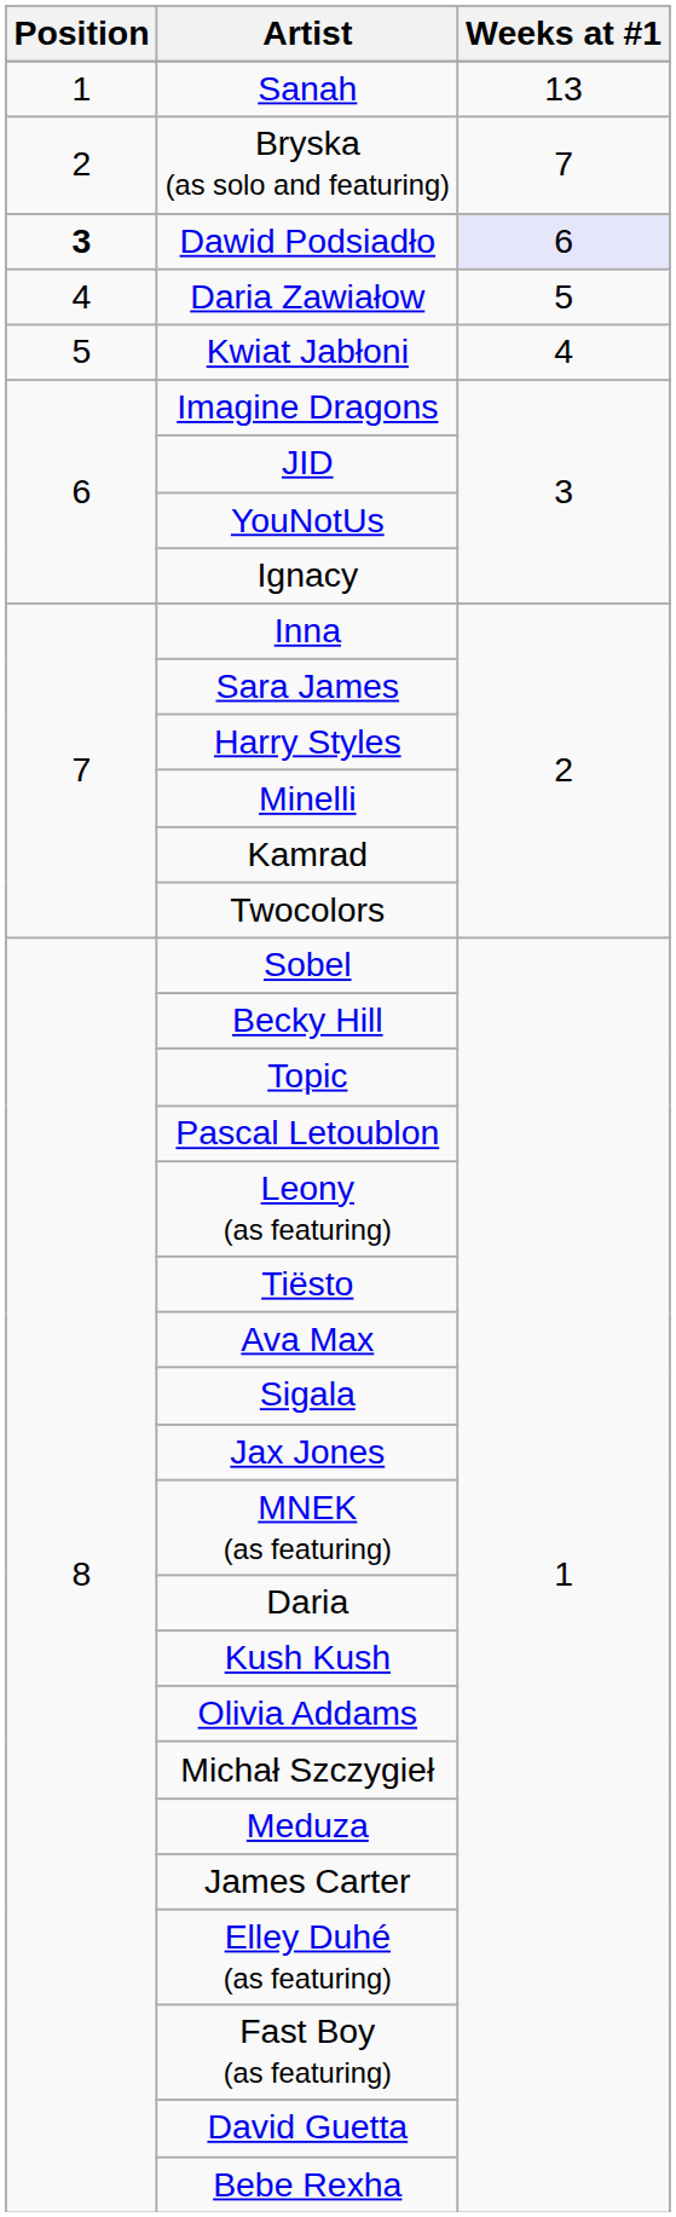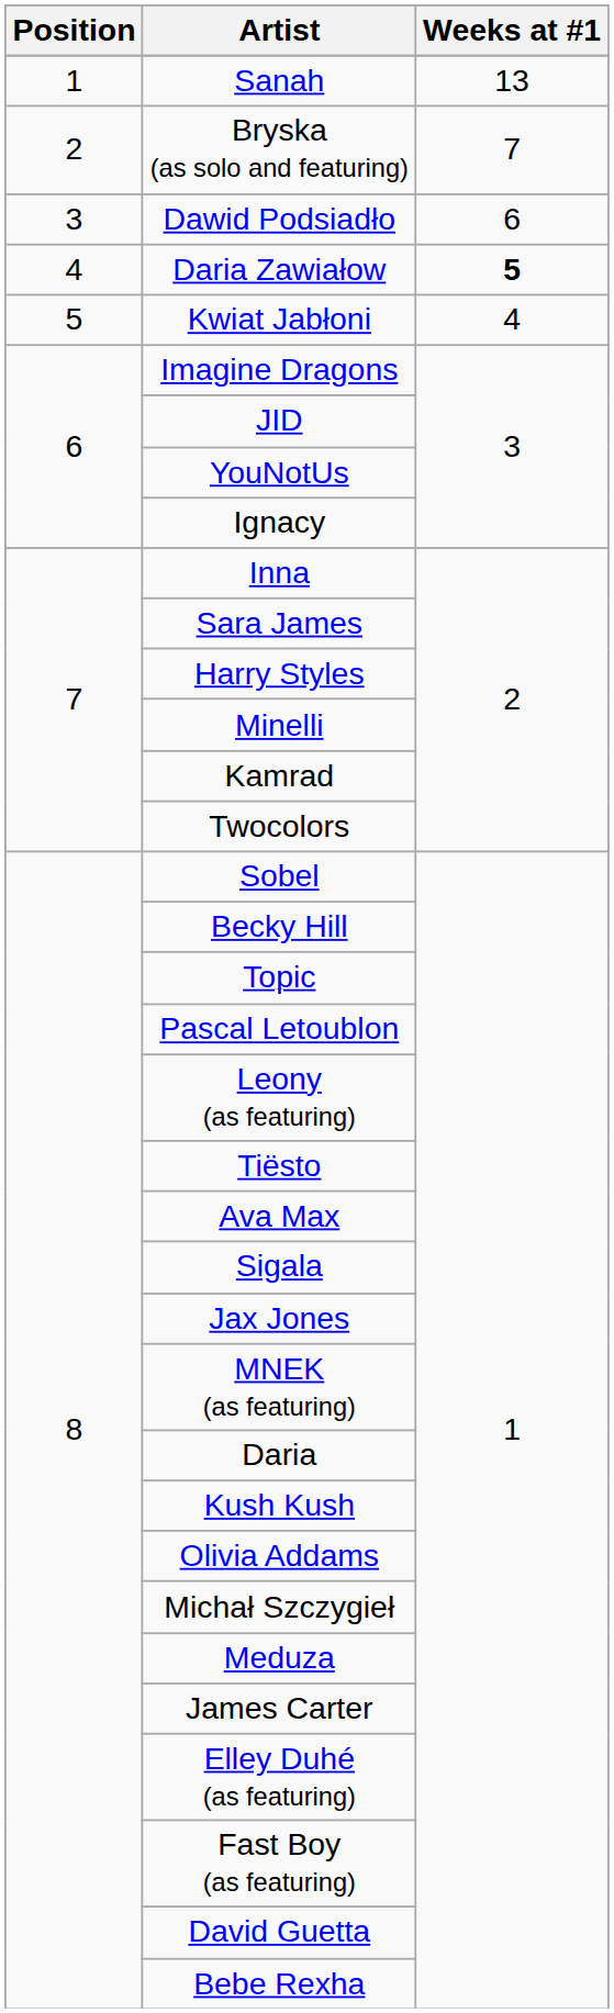 <table class="wikitable" style="font-size:97%;">
 <tr>
 <th>Position</th>
 <th>Artist</th>
 <th>Weeks at #1</th>
 </tr>
 <tr style="text-align:center;">
 </tr>
 <tr style="text-align:center;">
 <td>1</td>
 <td style="text-align:center;"><a href='#'>Sanah</a></td>
 <td>13</td>
 </tr>
 <tr style="text-align:center;">
 <td>2</td>
 <td style="text-align:center;">Bryska<br><small>(as solo and featuring)</small></td>
 <td>7</td>
 </tr>
 <tr style="text-align:center;">
-<td><strong>3</strong></td>
+<td>3</td>
 <td style="text-align:center;"><a href='#'>Dawid Podsiadło</a></td>
-<td style="background: lavender;">6</td>
+<td>6</td>
 </tr>
 <tr style="text-align:center;">
 <td>4</td>
 <td style="text-align:center;"><a href='#'>Daria Zawiałow</a></td>
-<td>5</td>
+<td><strong>5</strong></td>
 </tr>
 <tr style="text-align:center;">
 <td>5</td>
 <td style="text-align:center;"><a href='#'>Kwiat Jabłoni</a></td>
 <td>4</td>
 </tr>
 <tr style="text-align:center;">
 <td rowspan="4">6</td>
 <td style="text-align:center;"><a href='#'>Imagine Dragons</a></td>
 <td rowspan="4">3</td>
 </tr>
 <tr>
 <td style="text-align:center;"><a href='#'>JID</a></td>
 </tr>
 <tr>
 <td style="text-align:center;"><a href='#'>YouNotUs</a></td>
 </tr>
 <tr>
 <td style="text-align:center;">Ignacy</td>
 </tr>
 <tr style="text-align:center;">
 <td rowspan="6">7</td>
 <td style="text-align:center;"><a href='#'>Inna</a></td>
 <td rowspan="6">2</td>
 </tr>
 <tr>
 <td style="text-align:center;"><a href='#'>Sara James</a></td>
 </tr>
 <tr>
 <td style="text-align:center;"><a href='#'>Harry Styles</a></td>
 </tr>
 <tr>
 <td style="text-align:center;"><a href='#'>Minelli</a></td>
 </tr>
 <tr>
 <td style="text-align:center;">Kamrad</td>
 </tr>
 <tr>
 <td style="text-align:center;">Twocolors</td>
 </tr>
 <tr style="text-align:center;">
 <td rowspan="20">8</td>
 <td style="text-align:center;"><a href='#'>Sobel</a></td>
 <td rowspan="20">1</td>
 </tr>
 <tr>
 <td style="text-align:center;"><a href='#'>Becky Hill</a></td>
 </tr>
 <tr>
 <td style="text-align:center;"><a href='#'>Topic</a></td>
 </tr>
 <tr>
 <td style="text-align:center;"><a href='#'>Pascal Letoublon</a></td>
 </tr>
 <tr>
 <td style="text-align:center;"><a href='#'>Leony</a><br><small>(as featuring)</small></td>
 </tr>
 <tr>
 <td style="text-align:center;"><a href='#'>Tiësto</a></td>
 </tr>
 <tr>
 <td style="text-align:center;"><a href='#'>Ava Max</a></td>
 </tr>
 <tr>
 <td style="text-align:center;"><a href='#'>Sigala</a></td>
 </tr>
 <tr>
 <td style="text-align:center;"><a href='#'>Jax Jones</a></td>
 </tr>
 <tr>
 <td style="text-align:center;"><a href='#'>MNEK</a><br><small>(as featuring)</small></td>
 </tr>
 <tr>
 <td style="text-align:center;">Daria</td>
 </tr>
 <tr>
 <td style="text-align:center;"><a href='#'>Kush Kush</a></td>
 </tr>
 <tr>
 <td style="text-align:center;"><a href='#'>Olivia Addams</a></td>
 </tr>
 <tr>
 <td style="text-align:center;">Michał Szczygieł</td>
 </tr>
 <tr>
 <td style="text-align:center;"><a href='#'>Meduza</a></td>
 </tr>
 <tr>
 <td style="text-align:center;">James Carter</td>
 </tr>
 <tr>
 <td style="text-align:center;"><a href='#'>Elley Duhé</a><br><small>(as featuring)</small></td>
 </tr>
 <tr>
 <td style="text-align:center;">Fast Boy<br><small>(as featuring)</small></td>
 </tr>
 <tr>
 <td style="text-align:center;"><a href='#'>David Guetta</a></td>
 </tr>
 <tr>
 <td style="text-align:center;"><a href='#'>Bebe Rexha</a></td>
 </tr>
 </table>
